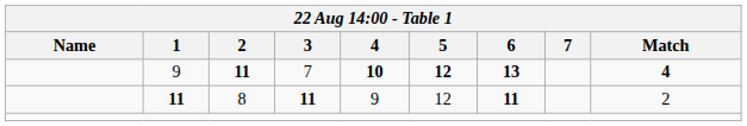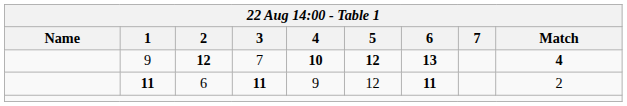 <table class=wikitable style="text-align:center; width: 55%">
 <tr>
 <th colspan=17><em>22 Aug 14:00 - Table 1</em></th>
 </tr>
 <tr>
 <th>Name</th>
 <th>1</th>
 <th>2</th>
 <th>3</th>
 <th>4</th>
 <th>5</th>
 <th>6</th>
 <th>7</th>
 <th>Match</th>
 </tr>
 <tr>
 <td style="text-align:left;"><strong></strong></td>
 <td>9</td>
-<td><strong>11</strong></td>
+<td><strong>12</strong></td>
 <td>7</td>
 <td><strong>10</strong></td>
 <td><strong>12</strong></td>
 <td><strong>13</strong></td>
 <td></td>
 <td><strong>4</strong></td>
 </tr>
 <tr>
 <td style="text-align:left;"></td>
 <td><strong>11</strong></td>
-<td>8</td>
+<td>6</td>
 <td><strong>11</strong></td>
 <td>9</td>
 <td>12</td>
 <td><strong>11</strong></td>
 <td></td>
 <td>2</td>
 </tr>
 <tr>
 <td colspan=17></td>
 </tr>
 </table>
